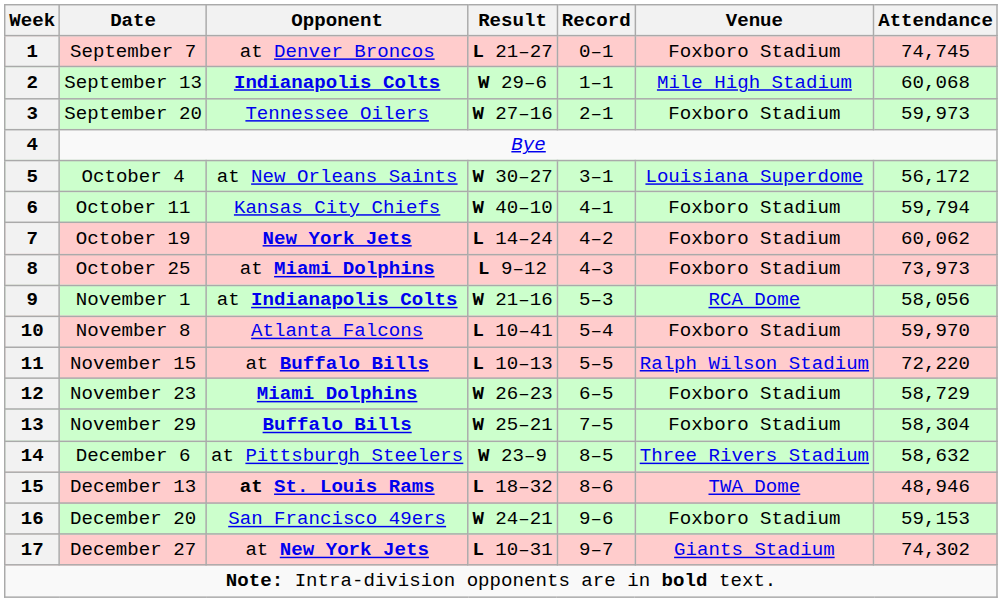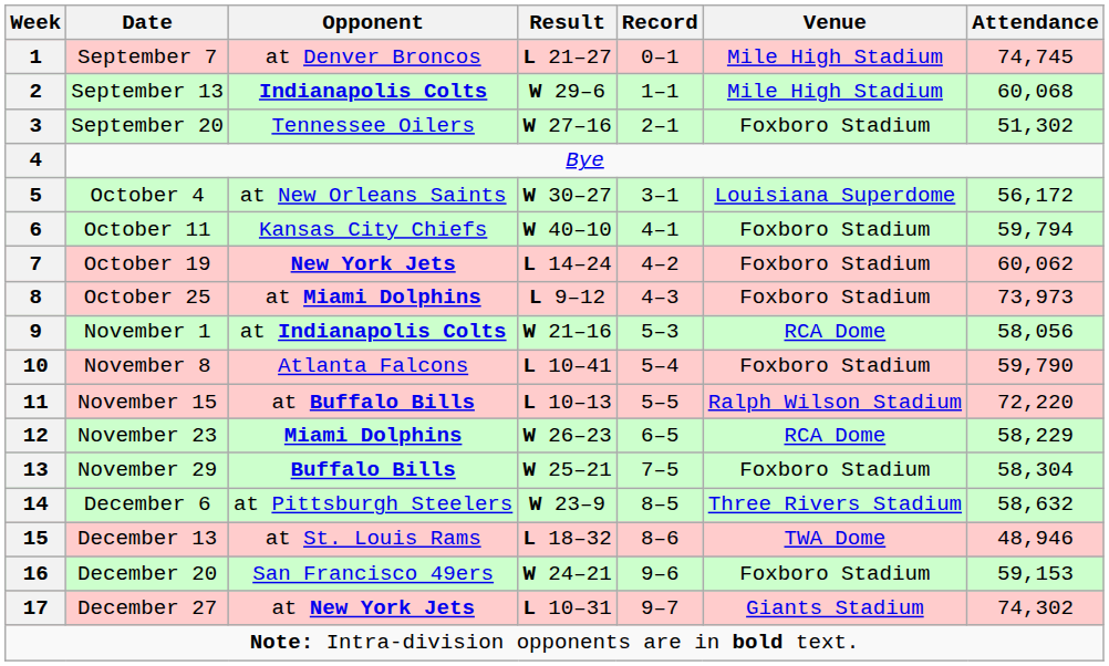 <table class="wikitable" style="text-align:center">
 <tr>
 <th>Week</th>
 <th>Date</th>
 <th>Opponent</th>
 <th>Result</th>
 <th>Record</th>
 <th>Venue</th>
 <th>Attendance</th>
 </tr>
 <tr style="background:#fcc">
 <th>1</th>
 <td>September 7</td>
 <td>at <a href='#'>Denver Broncos</a></td>
 <td><strong>L</strong> 21–27</td>
 <td>0–1</td>
-<td>Foxboro Stadium</td>
+<td><a href='#'>Mile High Stadium</a></td>
 <td>74,745</td>
 </tr>
 <tr style="background:#cfc">
 <th>2</th>
 <td>September 13</td>
 <td><strong><a href='#'>Indianapolis Colts</a></strong></td>
 <td><strong>W</strong> 29–6</td>
 <td>1–1</td>
 <td><a href='#'>Mile High Stadium</a></td>
 <td>60,068</td>
 </tr>
 <tr style="background:#cfc">
 <th>3</th>
 <td>September 20</td>
 <td><a href='#'>Tennessee Oilers</a></td>
 <td><strong>W</strong> 27–16</td>
 <td>2–1</td>
 <td>Foxboro Stadium</td>
-<td>59,973</td>
+<td>51,302</td>
 </tr>
 <tr>
 <th>4</th>
 <td colspan=6><em><a href='#'>Bye</a></em></td>
 </tr>
 <tr style="background:#cfc">
 <th>5</th>
 <td>October 4</td>
 <td>at <a href='#'>New Orleans Saints</a></td>
 <td><strong>W</strong> 30–27</td>
 <td>3–1</td>
 <td><a href='#'>Louisiana Superdome</a></td>
 <td>56,172</td>
 </tr>
 <tr style="background:#cfc">
 <th>6</th>
 <td>October 11</td>
 <td><a href='#'>Kansas City Chiefs</a></td>
 <td><strong>W</strong> 40–10</td>
 <td>4–1</td>
 <td>Foxboro Stadium</td>
 <td>59,794</td>
 </tr>
 <tr style="background:#fcc">
 <th>7</th>
 <td>October 19</td>
 <td><strong><a href='#'>New York Jets</a></strong></td>
 <td><strong>L</strong> 14–24</td>
 <td>4–2</td>
 <td>Foxboro Stadium</td>
 <td>60,062</td>
 </tr>
 <tr style="background:#fcc">
 <th>8</th>
 <td>October 25</td>
 <td>at <strong><a href='#'>Miami Dolphins</a></strong></td>
 <td><strong>L</strong> 9–12 </td>
 <td>4–3</td>
 <td>Foxboro Stadium</td>
 <td>73,973</td>
 </tr>
 <tr style="background:#cfc">
 <th>9</th>
 <td>November 1</td>
 <td>at <strong><a href='#'>Indianapolis Colts</a></strong></td>
 <td><strong>W</strong> 21–16</td>
 <td>5–3</td>
 <td><a href='#'>RCA Dome</a></td>
 <td>58,056</td>
 </tr>
 <tr style="background:#fcc">
 <th>10</th>
 <td>November 8</td>
 <td><a href='#'>Atlanta Falcons</a></td>
 <td><strong>L</strong> 10–41</td>
 <td>5–4</td>
 <td>Foxboro Stadium</td>
-<td>59,970</td>
+<td>59,790</td>
 </tr>
 <tr style="background:#fcc">
 <th>11</th>
 <td>November 15</td>
 <td>at <strong><a href='#'>Buffalo Bills</a></strong></td>
 <td><strong>L</strong> 10–13</td>
 <td>5–5</td>
 <td><a href='#'>Ralph Wilson Stadium</a></td>
 <td>72,220</td>
 </tr>
 <tr style="background:#cfc">
 <th>12</th>
 <td>November 23</td>
 <td><strong><a href='#'>Miami Dolphins</a></strong></td>
 <td><strong>W</strong> 26–23</td>
 <td>6–5</td>
-<td>Foxboro Stadium</td>
-<td>58,729</td>
+<td><a href='#'>RCA Dome</a></td>
+<td>58,229</td>
 </tr>
 <tr style="background:#cfc">
 <th>13</th>
 <td>November 29</td>
 <td><strong><a href='#'>Buffalo Bills</a></strong></td>
 <td><strong>W</strong> 25–21</td>
 <td>7–5</td>
 <td>Foxboro Stadium</td>
 <td>58,304</td>
 </tr>
 <tr style="background:#cfc">
 <th>14</th>
 <td>December 6</td>
 <td>at <a href='#'>Pittsburgh Steelers</a></td>
 <td><strong>W</strong> 23–9</td>
 <td>8–5</td>
 <td><a href='#'>Three Rivers Stadium</a></td>
 <td>58,632</td>
 </tr>
 <tr style="background:#fcc">
 <th>15</th>
 <td>December 13</td>
-<td><strong>at <a href='#'>St. Louis Rams</a></strong></td>
+<td>at <a href='#'>St. Louis Rams</a></td>
 <td><strong>L</strong> 18–32</td>
 <td>8–6</td>
 <td><a href='#'>TWA Dome</a></td>
 <td>48,946</td>
 </tr>
 <tr style="background:#cfc">
 <th>16</th>
 <td>December 20</td>
 <td><a href='#'>San Francisco 49ers</a></td>
 <td><strong>W</strong> 24–21</td>
 <td>9–6</td>
 <td>Foxboro Stadium</td>
 <td>59,153</td>
 </tr>
 <tr style="background:#fcc">
 <th>17</th>
 <td>December 27</td>
 <td>at <strong><a href='#'>New York Jets</a></strong></td>
 <td><strong>L</strong> 10–31</td>
 <td>9–7</td>
 <td><a href='#'>Giants Stadium</a></td>
 <td>74,302</td>
 </tr>
 <tr>
 <td colspan="8"><strong>Note:</strong> Intra-division opponents are in <strong>bold</strong> text.</td>
 </tr>
 </table>
